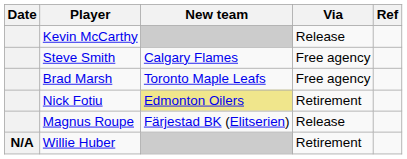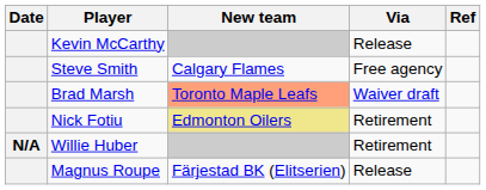 <table class="wikitable plainrowheaders">
 <tr style="background:#ddd; text-align:center;">
 <th>Date</th>
 <th>Player</th>
 <th>New team</th>
 <th>Via</th>
 <th>Ref</th>
 </tr>
 <tr>
 <th scope="row"></th>
 <td><a href='#'>Kevin McCarthy</a></td>
 <td style="background:#ccc"></td>
 <td>Release</td>
 <td></td>
 </tr>
 <tr>
 <th scope="row"></th>
 <td><a href='#'>Steve Smith</a></td>
 <td><a href='#'>Calgary Flames</a></td>
 <td>Free agency</td>
 <td></td>
 </tr>
 <tr>
 <th scope="row"></th>
 <td><a href='#'>Brad Marsh</a></td>
-<td><a href='#'>Toronto Maple Leafs</a></td>
-<td>Free agency</td>
+<td style="background: lightsalmon;"><a href='#'>Toronto Maple Leafs</a></td>
+<td><a href='#'>Waiver draft</a></td>
 <td></td>
 </tr>
 <tr>
 <th scope="row"></th>
 <td><a href='#'>Nick Fotiu</a></td>
 <td style="background: khaki;"><a href='#'>Edmonton Oilers</a></td>
 <td>Retirement</td>
 <td></td>
 </tr>
 <tr>
+<th scope="row">N/A</th>
+<td><a href='#'>Willie Huber</a></td>
+<td style="background:#ccc"></td>
+<td>Retirement</td>
+<td></td>
+</tr>
+<tr>
 <th scope="row"></th>
 <td><a href='#'>Magnus Roupe</a></td>
 <td><a href='#'>Färjestad BK</a> (<a href='#'>Elitserien</a>)</td>
 <td>Release</td>
 <td></td>
 </tr>
-<tr>
-<th scope="row">N/A</th>
-<td><a href='#'>Willie Huber</a></td>
-<td style="background:#ccc"></td>
-<td>Retirement</td>
-<td></td>
-</tr>
 </table>
